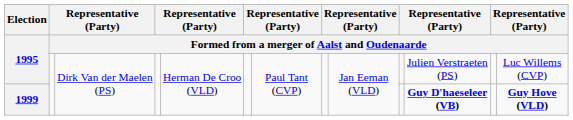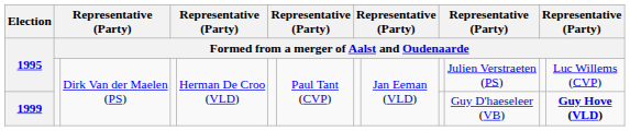 <table class="wikitable" style="text-align:center">
 <tr>
 <th>Election</th>
 <th colspan=2>Representative<br>(Party)</th>
 <th colspan=2>Representative<br>(Party)</th>
 <th colspan=2>Representative<br>(Party)</th>
 <th colspan=2>Representative<br>(Party)</th>
 <th colspan=2>Representative<br>(Party)</th>
 <th colspan=2>Representative<br>(Party)</th>
 </tr>
 <tr>
 <th rowspan=2><a href='#'>1995</a></th>
 <th colspan=12>Formed from a merger of <a href='#'>Aalst</a> and <a href='#'>Oudenaarde</a></th>
 </tr>
 <tr>
 <td rowspan=2; style="background-color: "></td>
 <td rowspan=2><a href='#'>Dirk Van der Maelen</a><br>(<a href='#'>PS</a>)</td>
 <td rowspan=2; style="background-color: "></td>
 <td rowspan=2><a href='#'>Herman De Croo</a><br>(<a href='#'>VLD</a>)</td>
 <td rowspan=2; style="background-color: "></td>
 <td rowspan=2><a href='#'>Paul Tant</a><br>(<a href='#'>CVP</a>)</td>
 <td rowspan=2; style="background-color: "></td>
 <td rowspan=2><a href='#'>Jan Eeman</a><br>(<a href='#'>VLD</a>)</td>
 <td rowspan=1; style="background-color: "></td>
 <td rowspan=1><a href='#'>Julien Verstraeten</a><br>(<a href='#'>PS</a>)</td>
 <td rowspan=1; style="background-color: "></td>
 <td rowspan=1><a href='#'>Luc Willems</a><br>(<a href='#'>CVP</a>)</td>
 </tr>
 <tr>
 <th><a href='#'>1999</a></th>
 <td rowspan=1; style="background-color: "></td>
-<td rowspan=1><strong><a href='#'>Guy D'haeseleer</a><br>(<a href='#'>VB</a>)</strong></td>
+<td rowspan=1><a href='#'>Guy D'haeseleer</a><br>(<a href='#'>VB</a>)</td>
 <td rowspan=1; style="background-color: "></td>
 <td rowspan=1><strong><a href='#'>Guy Hove</a><br>(<a href='#'>VLD</a>)</strong></td>
 </tr>
 </table>
